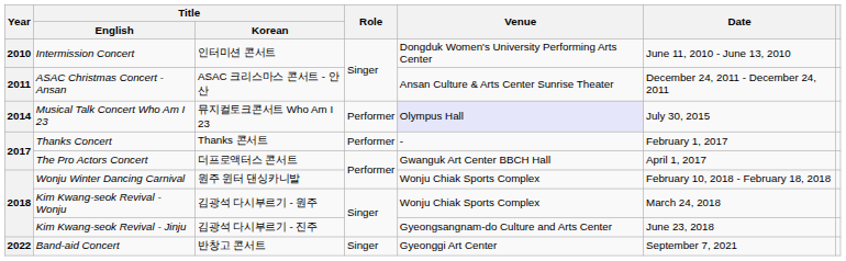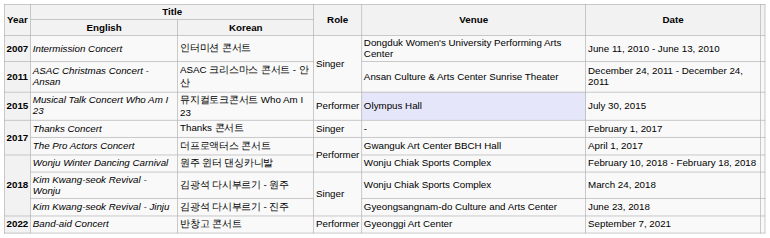 <table class="wikitable sortable plainrowheaders" style="text-align:left; font-size:100%;">
 <tr>
 <th scope="col" rowspan="2">Year</th>
 <th scope="col" colspan="2">Title</th>
 <th scope="col" rowspan="2">Role</th>
 <th scope="col" rowspan="2">Venue</th>
 <th scope="col" rowspan="2">Date</th>
 <th rowspan="2" scope="col" class="unsortable" style="text-align:center"></th>
 </tr>
 <tr>
 <th>English</th>
 <th>Korean</th>
 </tr>
 <tr>
-<th scope="row">2010</th>
+<th scope="row">2007</th>
 <td><em>Intermission Concert</em></td>
 <td>인터미션 콘서트</td>
 <td rowspan="2">Singer</td>
 <td>Dongduk Women's University Performing Arts Center</td>
 <td>June 11, 2010 - June 13, 2010</td>
 <td></td>
 </tr>
 <tr>
 <th scope="row">2011</th>
 <td><em>ASAC Christmas Concert - Ansan</em></td>
 <td>ASAC 크리스마스 콘서트 - 안산</td>
 <td>Ansan Culture & Arts Center Sunrise Theater</td>
 <td>December 24, 2011 - December 24, 2011</td>
 <td></td>
 </tr>
 <tr>
-<th scope="row">2014</th>
+<th scope="row">2015</th>
 <td><em>Musical Talk Concert Who Am I 23</em></td>
 <td>뮤지컬토크콘서트 Who Am I 23</td>
 <td>Performer</td>
 <td style="background: lavender;">Olympus Hall</td>
 <td>July 30, 2015</td>
 <td></td>
 </tr>
 <tr>
 <th rowspan="2" scope="row">2017</th>
 <td><em>Thanks Concert</em></td>
 <td>Thanks 콘서트</td>
-<td>Performer</td>
+<td>Singer</td>
 <td>-</td>
 <td>February 1, 2017</td>
 <td></td>
 </tr>
 <tr>
 <td><em>The Pro Actors Concert</em></td>
 <td>더프로액터스 콘서트</td>
 <td rowspan="2">Performer</td>
 <td>Gwanguk Art Center BBCH Hall</td>
 <td>April 1, 2017</td>
 <td></td>
 </tr>
 <tr>
 <th rowspan="3" scope="row">2018</th>
 <td><em>Wonju Winter Dancing Carnival</em></td>
 <td>원주 윈터 댄싱카니발</td>
 <td>Wonju Chiak Sports Complex</td>
 <td>February 10, 2018 - February 18, 2018</td>
 <td></td>
 </tr>
 <tr>
 <td><em>Kim Kwang-seok Revival - Wonju</em></td>
 <td>김광석 다시부르기 - 원주</td>
 <td rowspan="2">Singer</td>
 <td>Wonju Chiak Sports Complex</td>
 <td>March 24, 2018</td>
 <td></td>
 </tr>
 <tr>
 <td><em>Kim Kwang-seok Revival - Jinju</em></td>
 <td>김광석 다시부르기 - 진주</td>
 <td>Gyeongsangnam-do Culture and Arts Center</td>
 <td>June 23, 2018</td>
 <td></td>
 </tr>
 <tr>
 <th scope="row">2022</th>
 <td><em>Band-aid Concert</em></td>
 <td>반창고 콘서트</td>
-<td>Singer</td>
+<td>Performer</td>
 <td>Gyeonggi Art Center</td>
 <td>September 7, 2021</td>
 <td></td>
 </tr>
 </table>
